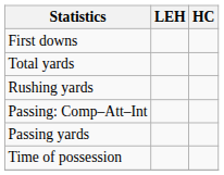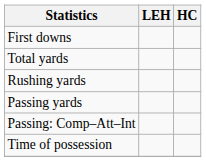 <table class="wikitable" style="float: left;">
 <tr>
 <th>Statistics</th>
 <th>LEH</th>
 <th>HC</th>
 </tr>
 <tr>
 <td>First downs</td>
 <td></td>
 <td></td>
 </tr>
 <tr>
 <td>Total yards</td>
 <td></td>
 <td></td>
 </tr>
 <tr>
 <td>Rushing yards</td>
 <td></td>
 <td></td>
 </tr>
 <tr>
-<td>Passing: Comp–Att–Int</td>
+<td>Passing yards</td>
 <td></td>
 <td></td>
 </tr>
 <tr>
-<td>Passing yards</td>
+<td>Passing: Comp–Att–Int</td>
 <td></td>
 <td></td>
 </tr>
 <tr>
 <td>Time of possession</td>
 <td></td>
 <td></td>
 </tr>
 <tr>
 </tr>
 </table>
